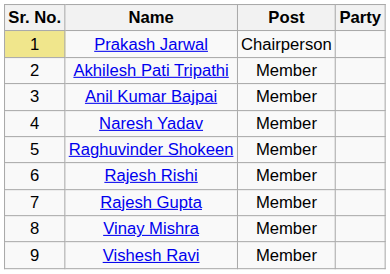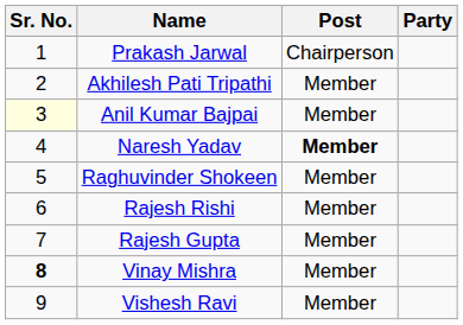 <table class="wikitable sortable">
 <tr>
 <th>Sr. No.</th>
 <th>Name</th>
 <th>Post</th>
 <th colspan="2">Party</th>
 </tr>
 <tr align="center">
-<td style="background: khaki;">1</td>
+<td>1</td>
 <td><a href='#'>Prakash Jarwal</a></td>
 <td>Chairperson</td>
 <td></td>
 </tr>
 <tr align="center">
 <td>2</td>
 <td><a href='#'>Akhilesh Pati Tripathi</a></td>
 <td>Member</td>
 <td></td>
 </tr>
 <tr align="center">
-<td>3</td>
+<td style="background: lightyellow;">3</td>
 <td><a href='#'>Anil Kumar Bajpai</a></td>
 <td>Member</td>
 <td></td>
 </tr>
 <tr align="center">
 <td>4</td>
 <td><a href='#'>Naresh Yadav</a></td>
-<td>Member</td>
+<td><strong>Member</strong></td>
 <td></td>
 </tr>
 <tr align="center">
 <td>5</td>
 <td><a href='#'>Raghuvinder Shokeen</a></td>
 <td>Member</td>
 <td></td>
 </tr>
 <tr align="center">
 <td>6</td>
 <td><a href='#'>Rajesh Rishi</a></td>
 <td>Member</td>
 <td></td>
 </tr>
 <tr align="center">
 <td>7</td>
 <td><a href='#'>Rajesh Gupta</a></td>
 <td>Member</td>
 <td></td>
 </tr>
 <tr align="center">
-<td>8</td>
+<td><strong>8</strong></td>
 <td><a href='#'>Vinay Mishra</a></td>
 <td>Member</td>
 <td></td>
 </tr>
 <tr align="center">
 <td>9</td>
 <td><a href='#'>Vishesh Ravi</a></td>
 <td>Member</td>
 <td></td>
 </tr>
 </table>
